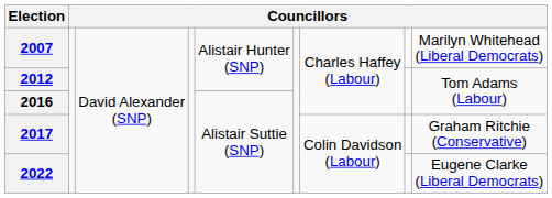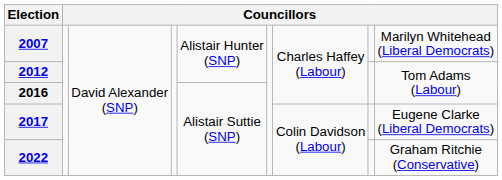 <table class="wikitable" style="text-align:center">
 <tr>
 <th>Election</th>
 <th colspan=8>Councillors</th>
 </tr>
 <tr>
 <th><a href='#'>2007</a></th>
 <td rowspan=5; style="background-color: "></td>
 <td rowspan=5>David Alexander<br>(<a href='#'>SNP</a>)</td>
 <td rowspan=5; style="background-color: "></td>
 <td rowspan=2>Alistair Hunter<br>(<a href='#'>SNP</a>)</td>
 <td rowspan=5; style="background-color: "></td>
 <td rowspan=3>Charles Haffey<br>(<a href='#'>Labour</a>)</td>
 <td rowspan=1; style="background-color: "></td>
 <td rowspan=1>Marilyn Whitehead<br>(<a href='#'>Liberal Democrats</a>)</td>
 </tr>
 <tr>
 <th><a href='#'>2012</a></th>
 <td rowspan=2; style="background-color: "></td>
 <td rowspan=2>Tom Adams<br>(<a href='#'>Labour</a>)</td>
 </tr>
 <tr>
 <th>2016</th>
 <td rowspan=3>Alistair Suttie<br>(<a href='#'>SNP</a>)</td>
 </tr>
 <tr>
 <th><a href='#'>2017</a></th>
 <td rowspan=2>Colin Davidson<br>(<a href='#'>Labour</a>)</td>
 <td rowspan=1; style="background-color: "></td>
-<td rowspan=1>Graham Ritchie<br>(<a href='#'>Conservative</a>)</td>
+<td rowspan=1>Eugene Clarke<br>(<a href='#'>Liberal Democrats</a>)</td>
 </tr>
 <tr>
 <th><a href='#'>2022</a></th>
 <td rowspan=1; style="background-color: "></td>
-<td rowspan=1>Eugene Clarke<br>(<a href='#'>Liberal Democrats</a>)</td>
+<td rowspan=1>Graham Ritchie<br>(<a href='#'>Conservative</a>)</td>
 </tr>
 </table>
